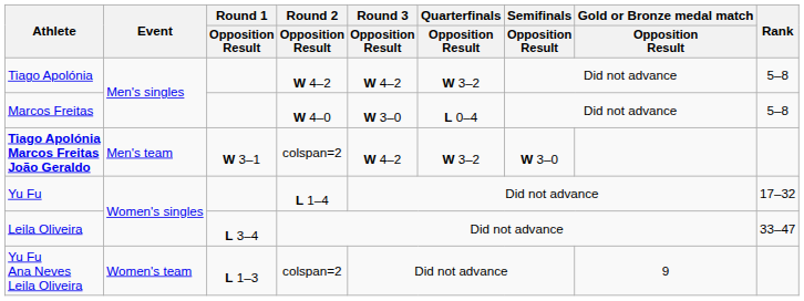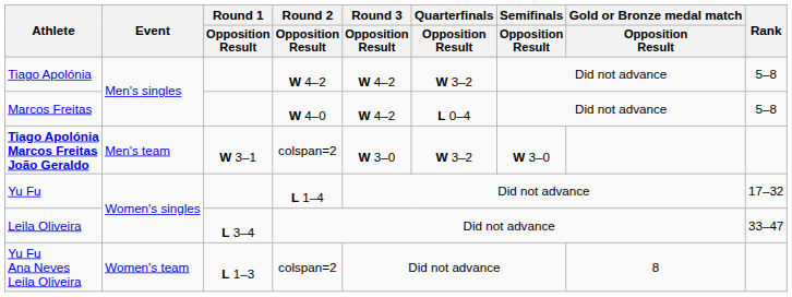 <table class=wikitable style="font-size:90%; text-align:center;">
 <tr>
 <th rowspan=2>Athlete</th>
 <th rowspan=2>Event</th>
 <th>Round 1</th>
 <th>Round 2</th>
 <th>Round 3</th>
 <th>Quarterfinals</th>
 <th>Semifinals</th>
 <th>Gold or Bronze medal match</th>
 <th rowspan=2>Rank</th>
 </tr>
 <tr style="font-size:95%;">
 <th>Opposition<br>Result</th>
 <th>Opposition<br>Result</th>
 <th>Opposition<br>Result</th>
 <th>Opposition<br>Result</th>
 <th>Opposition<br>Result</th>
 <th>Opposition<br>Result</th>
 </tr>
 <tr>
 <td align=left><a href='#'>Tiago Apolónia</a></td>
 <td align=left rowspan=2><a href='#'>Men's singles</a></td>
 <td></td>
 <td><br><strong>W</strong> 4–2</td>
 <td><br><strong>W</strong> 4–2</td>
 <td><br><strong>W</strong> 3–2</td>
 <td colspan=2>Did not advance</td>
 <td>5–8</td>
 </tr>
 <tr>
 <td align=left><a href='#'>Marcos Freitas</a></td>
 <td></td>
 <td><br><strong>W</strong> 4–0</td>
-<td><br><strong>W</strong> 3–0</td>
+<td><br><strong>W</strong> 4–2</td>
 <td><br><strong>L</strong> 0–4</td>
 <td colspan=2>Did not advance</td>
 <td>5–8</td>
 </tr>
 <tr>
 <td align=left><strong><a href='#'>Tiago Apolónia</a><br><a href='#'>Marcos Freitas</a><br><a href='#'>João Geraldo</a></strong></td>
 <td align=left><a href='#'>Men's team</a></td>
 <td><br><strong>W</strong> 3–1</td>
 <td>colspan=2 </td>
-<td><br><strong>W</strong> 4–2</td>
+<td><br><strong>W</strong> 3–0</td>
 <td><br><strong>W</strong> 3–2</td>
 <td><br><strong>W</strong> 3–0</td>
 <td></td>
 </tr>
 <tr>
 <td align=left><a href='#'>Yu Fu</a></td>
 <td align=left rowspan=2><a href='#'>Women's singles</a></td>
 <td></td>
 <td><br><strong>L</strong> 1–4</td>
 <td colspan=4>Did not advance</td>
 <td>17–32</td>
 </tr>
 <tr>
 <td align=left><a href='#'>Leila Oliveira</a></td>
 <td><br><strong>L</strong> 3–4</td>
 <td colspan=5>Did not advance</td>
 <td>33–47</td>
 </tr>
 <tr>
 <td align=left><a href='#'>Yu Fu</a><br><a href='#'>Ana Neves</a><br><a href='#'>Leila Oliveira</a></td>
 <td align=left><a href='#'>Women's team</a></td>
 <td><br><strong>L</strong> 1–3</td>
 <td>colspan=2 </td>
 <td colspan=3>Did not advance</td>
-<td>9</td>
+<td>8</td>
 </tr>
 </table>
